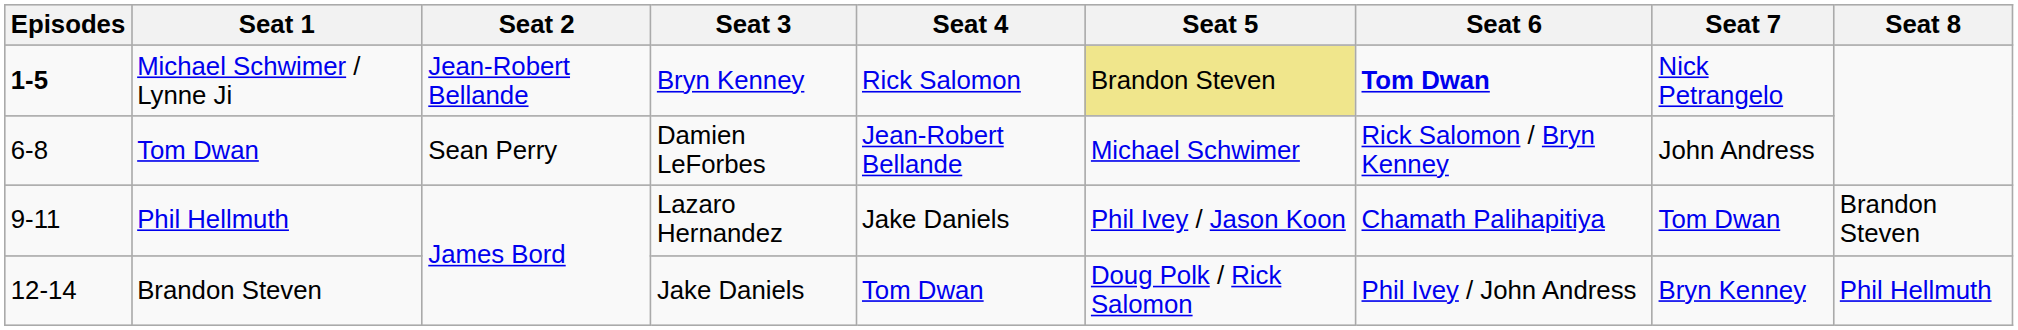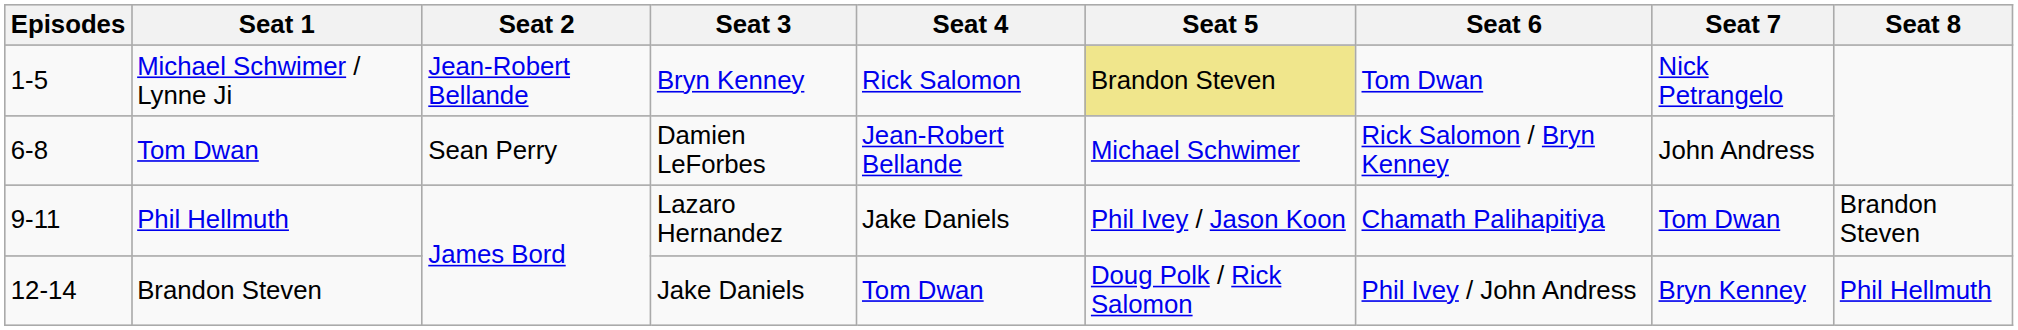 <table class="wikitable">
 <tr>
 <th>Episodes</th>
 <th>Seat 1</th>
 <th>Seat 2</th>
 <th>Seat 3</th>
 <th>Seat 4</th>
 <th>Seat 5</th>
 <th>Seat 6</th>
 <th>Seat 7</th>
 <th>Seat 8</th>
 </tr>
 <tr>
-<td><strong>1-5</strong></td>
+<td>1-5</td>
 <td><a href='#'>Michael Schwimer</a> / Lynne Ji</td>
 <td><a href='#'>Jean-Robert Bellande</a></td>
 <td><a href='#'>Bryn Kenney</a></td>
 <td><a href='#'>Rick Salomon</a></td>
 <td style="background: khaki;">Brandon Steven</td>
-<td><strong><a href='#'>Tom Dwan</a></strong></td>
+<td><a href='#'>Tom Dwan</a></td>
 <td><a href='#'>Nick Petrangelo</a></td>
 <td rowspan="2"></td>
 </tr>
 <tr>
 <td>6-8</td>
 <td><a href='#'>Tom Dwan</a></td>
 <td>Sean Perry</td>
 <td>Damien LeForbes</td>
 <td><a href='#'>Jean-Robert Bellande</a></td>
 <td><a href='#'>Michael Schwimer</a></td>
 <td><a href='#'>Rick Salomon</a> / <a href='#'>Bryn Kenney</a></td>
 <td>John Andress</td>
 </tr>
 <tr>
 <td>9-11</td>
 <td><a href='#'>Phil Hellmuth</a></td>
 <td rowspan="2"><a href='#'>James Bord</a></td>
 <td>Lazaro Hernandez</td>
 <td>Jake Daniels</td>
 <td><a href='#'>Phil Ivey</a> / <a href='#'>Jason Koon</a></td>
 <td><a href='#'>Chamath Palihapitiya</a></td>
 <td><a href='#'>Tom Dwan</a></td>
 <td>Brandon Steven</td>
 </tr>
 <tr>
 <td>12-14</td>
 <td>Brandon Steven</td>
 <td>Jake Daniels</td>
 <td><a href='#'>Tom Dwan</a></td>
 <td><a href='#'>Doug Polk</a> / <a href='#'>Rick Salomon</a></td>
 <td><a href='#'>Phil Ivey</a> / John Andress</td>
 <td><a href='#'>Bryn Kenney</a></td>
 <td><a href='#'>Phil Hellmuth</a></td>
 </tr>
 </table>
